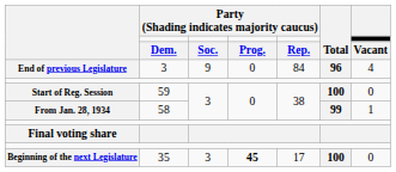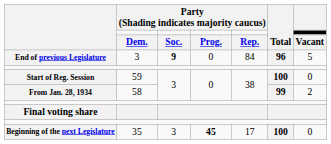 <table class=wikitable style="text-align:center">
 <tr style="vertical-align:bottom;">
 <th rowspan=3></th>
 <th colspan=4>Party <div>(Shading indicates majority caucus)</div></th>
 <th rowspan=3>Total</th>
 <th></th>
 </tr>
 <tr style="height:5px">
 <td style="background-color:"></td>
 <td style="background-color:"></td>
 <td style="background-color:"></td>
 <td style="background-color:"></td>
 <td style="background:black;"></td>
 </tr>
 <tr>
 <th><a href='#'>Dem.</a></th>
 <th><a href='#'>Soc.</a></th>
 <th><a href='#'>Prog.</a></th>
 <th><a href='#'>Rep.</a></th>
 <th>Vacant</th>
 </tr>
 <tr>
 <th style="font-size:80%;">End of <a href='#'>previous Legislature</a></th>
 <td>3</td>
-<td>9</td>
+<td><strong>9</strong></td>
 <td>0</td>
 <td>84</td>
 <th>96</th>
-<td>4</td>
+<td>5</td>
 </tr>
 <tr>
 <td colspan=8></td>
 </tr>
 <tr>
 <th style="font-size:80%;">Start of Reg. Session</th>
 <td>59</td>
 <td rowspan="2">3</td>
 <td rowspan="2">0</td>
 <td rowspan="2">38</td>
 <th>100</th>
 <td>0</td>
 </tr>
 <tr>
 <th style="font-size:80%;">From Jan. 28, 1934</th>
 <td>58</td>
 <th>99</th>
-<td>1</td>
+<td>2</td>
 </tr>
 <tr>
 <td colspan=8></td>
 </tr>
 <tr>
 <th>Final voting share</th>
 <th></th>
 <th colspan=3></th>
 <th colspan=2></th>
 </tr>
 <tr>
 <td colspan=8></td>
 </tr>
 <tr>
 <th style="font-size:80%;">Beginning of the <a href='#'>next Legislature</a></th>
 <td>35</td>
 <td>3</td>
 <td><strong>45</strong></td>
 <td>17</td>
 <th>100</th>
 <td>0</td>
 </tr>
 </table>
